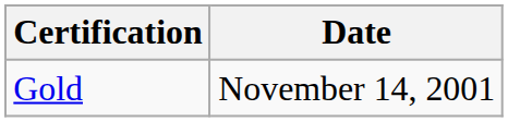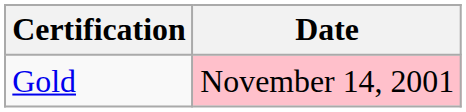 <table class="wikitable">
 <tr>
 <th align="left">Certification</th>
 <th align="left">Date</th>
 </tr>
 <tr>
 <td align="left"><a href='#'>Gold</a></td>
-<td align="left">November 14, 2001</td>
+<td align="left" style="background: pink;">November 14, 2001</td>
 </tr>
 </table>
